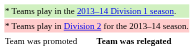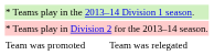 <table>
 <tr style="background: #D0F0C0;">
 <td colspan=2><small> * Teams play in the <a href='#'>2013–14 Division 1 season</a>.</small></td>
 </tr>
 <tr style="background: #FFCCCC;">
 <td colspan=2><small> * Teams play in <a href='#'>Division 2</a> for the 2013–14 season.</small></td>
 </tr>
 <tr>
 <td><small>  Team was promoted</small></td>
-<td><strong><small>  Team was relegated</small></strong></td>
+<td><small>  Team was relegated</small></td>
 </tr>
 </table>
